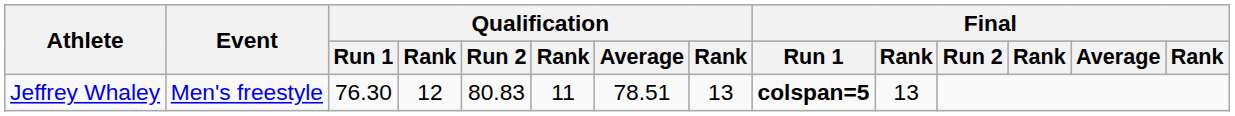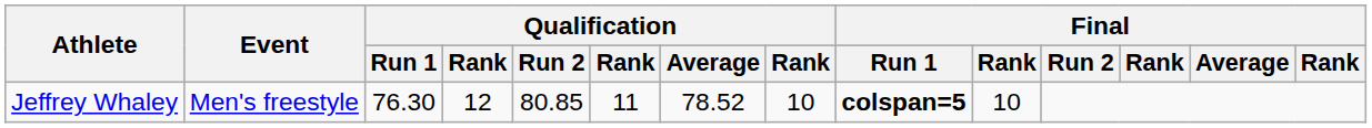 <table class=wikitable style="font-size:90%">
 <tr>
 <th rowspan=2>Athlete</th>
 <th rowspan=2>Event</th>
 <th colspan=6>Qualification</th>
 <th colspan=6>Final</th>
 </tr>
 <tr style="font-size:95%">
 <th>Run 1</th>
 <th>Rank</th>
 <th>Run 2</th>
 <th>Rank</th>
 <th>Average</th>
 <th>Rank</th>
 <th>Run 1</th>
 <th>Rank</th>
 <th>Run 2</th>
 <th>Rank</th>
 <th>Average</th>
 <th>Rank</th>
 </tr>
 <tr align=center>
 <td align=left><a href='#'>Jeffrey Whaley</a></td>
 <td align=left><a href='#'>Men's freestyle</a></td>
 <td>76.30</td>
 <td>12</td>
-<td>80.83</td>
+<td>80.85</td>
 <td>11</td>
-<td>78.51</td>
-<td>13</td>
+<td>78.52</td>
+<td>10</td>
 <td><strong>colspan=5 </strong></td>
-<td>13</td>
+<td>10</td>
 </tr>
 </table>
